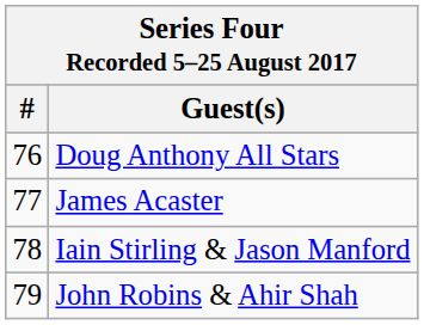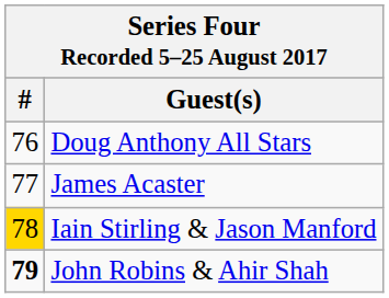 <table class="wikitable">
 <tr>
 <th colspan=3>Series Four<br><small>Recorded 5–25 August 2017</small></th>
 </tr>
 <tr>
 <th>#</th>
 <th>Guest(s)</th>
 </tr>
 <tr>
 <td>76</td>
 <td><a href='#'>Doug Anthony All Stars</a></td>
 </tr>
 <tr>
 <td>77</td>
 <td><a href='#'>James Acaster</a></td>
 </tr>
 <tr>
-<td>78</td>
+<td style="background: gold;">78</td>
 <td><a href='#'>Iain Stirling</a> & <a href='#'>Jason Manford</a></td>
 </tr>
 <tr>
-<td>79</td>
+<td><strong>79</strong></td>
 <td><a href='#'>John Robins</a> & <a href='#'>Ahir Shah</a></td>
 </tr>
 </table>
